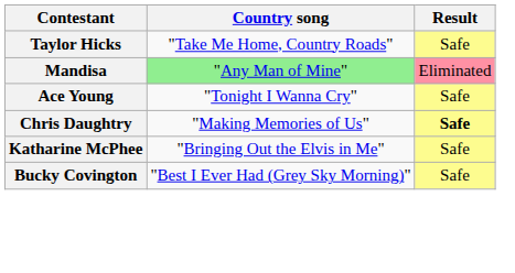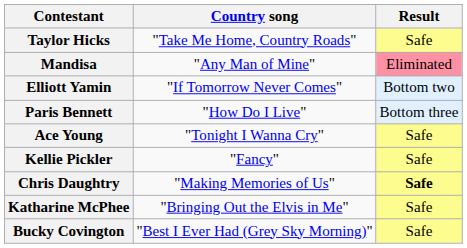 <table class="wikitable unsortable" style="text-align:center;">
 <tr>
 <th scope="col">Contestant</th>
 <th scope="col"><a href='#'>Country</a> song</th>
 <th scope="col">Result</th>
 </tr>
 <tr>
 <th scope="row">Taylor Hicks</th>
 <td>"<a href='#'>Take Me Home, Country Roads</a>"</td>
 <td style="background:#FDFC8F">Safe</td>
 </tr>
 <tr>
 <th scope="row">Mandisa</th>
-<td style="background: lightgreen;">"<a href='#'>Any Man of Mine</a>"</td>
+<td>"<a href='#'>Any Man of Mine</a>"</td>
 <td bgcolor="FF91A4">Eliminated</td>
+</tr>
+<tr>
+<th scope="row">Elliott Yamin</th>
+<td>"<a href='#'>If Tomorrow Never Comes</a>"</td>
+<td bgcolor="E0F0FF">Bottom two</td>
+</tr>
+<tr>
+<th scope="row">Paris Bennett</th>
+<td>"<a href='#'>How Do I Live</a>"</td>
+<td bgcolor="E0F0FF">Bottom three</td>
 </tr>
 <tr>
 <th scope="row">Ace Young</th>
 <td>"<a href='#'>Tonight I Wanna Cry</a>"</td>
+<td style="background:#FDFC8F">Safe</td>
+</tr>
+<tr>
+<th scope="row">Kellie Pickler</th>
+<td>"<a href='#'>Fancy</a>"</td>
 <td style="background:#FDFC8F">Safe</td>
 </tr>
 <tr>
 <th scope="row">Chris Daughtry</th>
 <td>"<a href='#'>Making Memories of Us</a>"</td>
 <td style="background:#FDFC8F"><strong>Safe</strong></td>
 </tr>
 <tr>
 <th scope="row">Katharine McPhee</th>
 <td>"<a href='#'>Bringing Out the Elvis in Me</a>"</td>
 <td style="background:#FDFC8F">Safe</td>
 </tr>
 <tr>
 <th scope="row">Bucky Covington</th>
 <td>"<a href='#'>Best I Ever Had (Grey Sky Morning)</a>"</td>
 <td style="background:#FDFC8F">Safe</td>
 </tr>
 </table>
